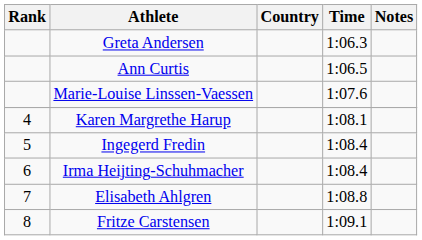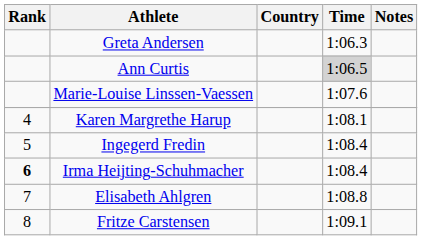 <table class="wikitable sortable" style="text-align:center">
 <tr>
 <th>Rank</th>
 <th>Athlete</th>
 <th>Country</th>
 <th>Time</th>
 <th>Notes</th>
 </tr>
 <tr>
 <td></td>
 <td><a href='#'>Greta Andersen</a></td>
 <td align=left></td>
 <td>1:06.3</td>
 <td><strong> </strong></td>
 </tr>
 <tr>
 <td></td>
 <td><a href='#'>Ann Curtis</a></td>
 <td align=left></td>
-<td>1:06.5</td>
+<td style="background: lightgrey;">1:06.5</td>
 <td><strong> </strong></td>
 </tr>
 <tr>
 <td></td>
 <td><a href='#'>Marie-Louise Linssen-Vaessen</a></td>
 <td align=left></td>
 <td>1:07.6</td>
 <td><strong> </strong></td>
 </tr>
 <tr>
 </tr>
 <tr>
 <td>4</td>
 <td><a href='#'>Karen Margrethe Harup</a></td>
 <td align=left></td>
 <td>1:08.1</td>
 <td><strong> </strong></td>
 </tr>
 <tr>
 <td>5</td>
 <td><a href='#'>Ingegerd Fredin</a></td>
 <td align=left></td>
 <td>1:08.4</td>
 <td><strong> </strong></td>
 </tr>
 <tr>
-<td>6</td>
+<td><strong>6</strong></td>
 <td><a href='#'>Irma Heijting-Schuhmacher</a></td>
 <td align=left></td>
 <td>1:08.4</td>
 <td><strong> </strong></td>
 </tr>
 <tr>
 <td>7</td>
 <td><a href='#'>Elisabeth Ahlgren</a></td>
 <td align=left></td>
 <td>1:08.8</td>
 <td><strong> </strong></td>
 </tr>
 <tr>
 <td>8</td>
 <td><a href='#'>Fritze Carstensen</a></td>
 <td align=left></td>
 <td>1:09.1</td>
 <td><strong> </strong></td>
 </tr>
 </table>
